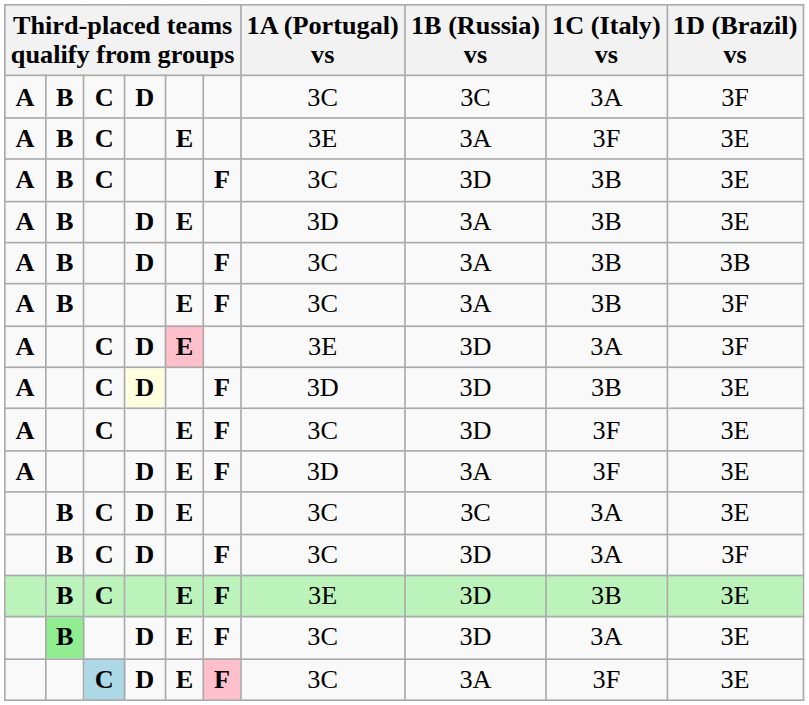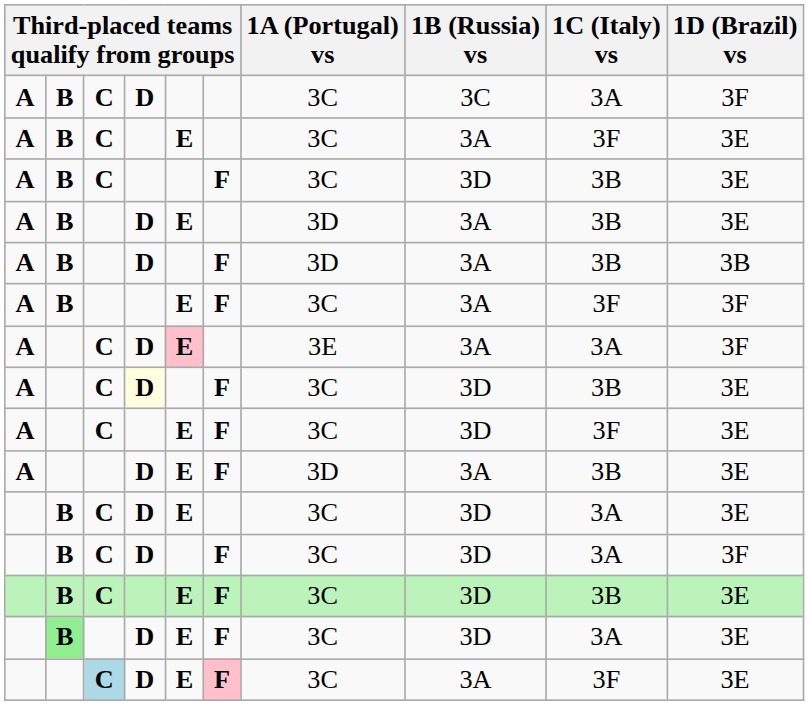 <table class="wikitable collapsible collapsed" style="text-align:center">
 <tr>
 <th colspan=6>Third-placed teams<br>qualify from groups</th>
 <th>1A (Portugal)<br>vs</th>
 <th>1B (Russia)<br>vs</th>
 <th>1C (Italy)<br>vs</th>
 <th>1D (Brazil)<br>vs</th>
 </tr>
 <tr>
 <td><strong>A</strong></td>
 <td><strong>B</strong></td>
 <td><strong>C</strong></td>
 <td><strong>D</strong></td>
 <td></td>
 <td></td>
 <td>3C</td>
 <td>3C</td>
 <td>3A</td>
 <td>3F</td>
 </tr>
 <tr>
 <td><strong>A</strong></td>
 <td><strong>B</strong></td>
 <td><strong>C</strong></td>
 <td></td>
 <td><strong>E</strong></td>
 <td></td>
-<td>3E</td>
+<td>3C</td>
 <td>3A</td>
 <td>3F</td>
 <td>3E</td>
 </tr>
 <tr>
 <td><strong>A</strong></td>
 <td><strong>B</strong></td>
 <td><strong>C</strong></td>
 <td></td>
 <td></td>
 <td><strong>F</strong></td>
 <td>3C</td>
 <td>3D</td>
 <td>3B</td>
 <td>3E</td>
 </tr>
 <tr>
 <td><strong>A</strong></td>
 <td><strong>B</strong></td>
 <td></td>
 <td><strong>D</strong></td>
 <td><strong>E</strong></td>
 <td></td>
 <td>3D</td>
 <td>3A</td>
 <td>3B</td>
 <td>3E</td>
 </tr>
 <tr>
 <td><strong>A</strong></td>
 <td><strong>B</strong></td>
 <td></td>
 <td><strong>D</strong></td>
 <td></td>
 <td><strong>F</strong></td>
-<td>3C</td>
+<td>3D</td>
 <td>3A</td>
 <td>3B</td>
 <td>3B</td>
 </tr>
 <tr>
 <td><strong>A</strong></td>
 <td><strong>B</strong></td>
 <td></td>
 <td></td>
 <td><strong>E</strong></td>
 <td><strong>F</strong></td>
 <td>3C</td>
 <td>3A</td>
-<td>3B</td>
+<td>3F</td>
 <td>3F</td>
 </tr>
 <tr>
 <td><strong>A</strong></td>
 <td></td>
 <td><strong>C</strong></td>
 <td><strong>D</strong></td>
 <td style="background: pink;"><strong>E</strong></td>
 <td></td>
 <td>3E</td>
-<td>3D</td>
+<td>3A</td>
 <td>3A</td>
 <td>3F</td>
 </tr>
 <tr>
 <td><strong>A</strong></td>
 <td></td>
 <td><strong>C</strong></td>
 <td style="background: lightyellow;"><strong>D</strong></td>
 <td></td>
 <td><strong>F</strong></td>
-<td>3D</td>
+<td>3C</td>
 <td>3D</td>
 <td>3B</td>
 <td>3E</td>
 </tr>
 <tr>
 <td><strong>A</strong></td>
 <td></td>
 <td><strong>C</strong></td>
 <td></td>
 <td><strong>E</strong></td>
 <td><strong>F</strong></td>
 <td>3C</td>
 <td>3D</td>
 <td>3F</td>
 <td>3E</td>
 </tr>
 <tr>
 <td><strong>A</strong></td>
 <td></td>
 <td></td>
 <td><strong>D</strong></td>
 <td><strong>E</strong></td>
 <td><strong>F</strong></td>
 <td>3D</td>
 <td>3A</td>
-<td>3F</td>
+<td>3B</td>
 <td>3E</td>
 </tr>
 <tr>
 <td></td>
 <td><strong>B</strong></td>
 <td><strong>C</strong></td>
 <td><strong>D</strong></td>
 <td><strong>E</strong></td>
 <td></td>
 <td>3C</td>
-<td>3C</td>
+<td>3D</td>
 <td>3A</td>
 <td>3E</td>
 </tr>
 <tr>
 <td></td>
 <td><strong>B</strong></td>
 <td><strong>C</strong></td>
 <td><strong>D</strong></td>
 <td></td>
 <td><strong>F</strong></td>
 <td>3C</td>
 <td>3D</td>
 <td>3A</td>
 <td>3F</td>
 </tr>
 <tr style="background:#BBF3BB;">
 <td></td>
 <td><strong>B</strong></td>
 <td><strong>C</strong></td>
 <td></td>
 <td><strong>E</strong></td>
 <td><strong>F</strong></td>
-<td>3E</td>
+<td>3C</td>
 <td>3D</td>
 <td>3B</td>
 <td>3E</td>
 </tr>
 <tr>
 <td></td>
 <td style="background: lightgreen;"><strong>B</strong></td>
 <td></td>
 <td><strong>D</strong></td>
 <td><strong>E</strong></td>
 <td><strong>F</strong></td>
 <td>3C</td>
 <td>3D</td>
 <td>3A</td>
 <td>3E</td>
 </tr>
 <tr>
 <td></td>
 <td></td>
 <td style="background: lightblue;"><strong>C</strong></td>
 <td><strong>D</strong></td>
 <td><strong>E</strong></td>
 <td style="background: pink;"><strong>F</strong></td>
 <td>3C</td>
 <td>3A</td>
 <td>3F</td>
 <td>3E</td>
 </tr>
 </table>
